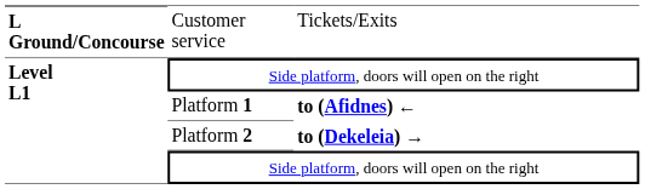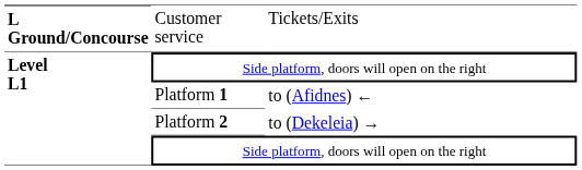 <table border=0 cellspacing=0 cellpadding=3>
 <tr>
 <td style="border-bottom:solid 1px gray;border-top:solid 2px gray;" width=50 valign=top><strong>L<br>Ground/Concourse</strong></td>
 <td style="border-top:solid 1px gray;border-bottom:solid 1px gray;" width=100 valign=top>Customer service</td>
 <td style="border-top:solid 1px gray;border-bottom:solid 1px gray;" width=285 valign=top>Tickets/Exits</td>
 </tr>
 <tr>
 <td style="border-bottom:solid 1px gray;" rowspan=4 valign=top><strong>Level<br>L1</strong></td>
 <td style="border-top:solid 2px black;border-right:solid 2px black;border-left:solid 2px black;border-bottom:solid 2px black;text-align:center;" colspan=2><small><a href='#'>Side platform</a>, doors will open on the right</small></td>
 </tr>
 <tr>
 <td style="border-bottom:solid 1px gray;">Platform <strong>1</strong></td>
-<td><strong> to  (<a href='#'>Afidnes</a>) ←</strong></td>
+<td> to  (<a href='#'>Afidnes</a>) ←</td>
 </tr>
 <tr>
 <td style="border-bottom:solid 1px gray;">Platform <strong>2</strong></td>
-<td><strong> to  (<a href='#'>Dekeleia</a>) →</strong></td>
+<td> to  (<a href='#'>Dekeleia</a>) →</td>
 </tr>
 <tr>
 <td style="border-top:solid 2px black;border-left:solid 2px black;border-right:solid 2px black;border-bottom:solid 2px black;text-align:center;" colspan=2><small><a href='#'>Side platform</a>, doors will open on the right</small></td>
 </tr>
 </table>
